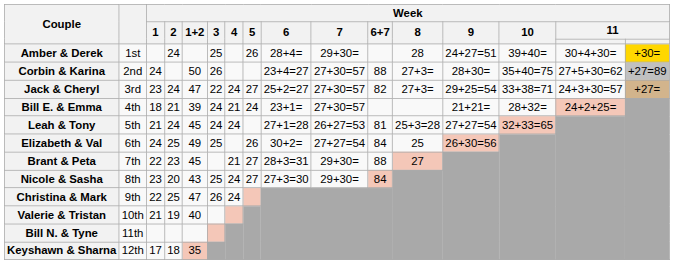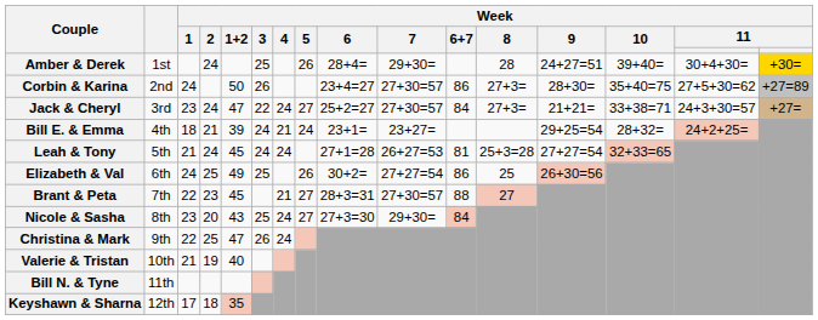 <table class="wikitable sortable" style="text-align:center; font-size:90%">
 <tr>
 <th scope="col" rowspan="3" style="text-align:center; line-height:15px;">Couple</th>
 <th scope="col" rowspan="3" style="text-align:center; line-height:15px;"></th>
 <th colspan="14" style="text-align:center; line-height:15px;">Week</th>
 </tr>
 <tr>
 <th scope="col" rowspan=2 style="line-height:15px;">1</th>
 <th scope="col" rowspan=2 style="line-height:15px;">2</th>
 <th scope="col" rowspan=2 style="line-height:15px;">1+2</th>
 <th scope="col" rowspan=2 style="line-height:15px;">3</th>
 <th scope="col" rowspan=2 style="line-height:15px;">4</th>
 <th scope="col" rowspan=2 style="line-height:15px;">5</th>
 <th scope="col" rowspan=2 style="line-height:15px;">6</th>
 <th scope="col" rowspan=2 style="line-height:15px;">7</th>
 <th scope="col" rowspan=2 style="line-height:15px;">6+7</th>
 <th scope="col" rowspan=2 style="line-height:15px;">8</th>
 <th scope="col" rowspan=2 style="line-height:15px;">9</th>
 <th scope="col" rowspan=2 style="line-height:15px;">10</th>
 <th scope="col" colspan=2 style="line-height:15px;">11</th>
 </tr>
 <tr>
 <th style="line-height:15px;"></th>
 <th style="line-height:15px;"></th>
 </tr>
 <tr>
 <th scope="row">Amber & Derek</th>
 <td>1st</td>
 <td></td>
 <td>24</td>
 <td></td>
 <td>25</td>
 <td></td>
 <td>26</td>
 <td>28+4=</td>
 <td>29+30=</td>
 <td></td>
 <td>28</td>
 <td>24+27=51</td>
 <td>39+40=</td>
 <td>30+4+30=</td>
 <td bgcolor=gold >+30=</td>
 </tr>
 <tr>
 <th scope="row">Corbin & Karina</th>
 <td>2nd</td>
 <td>24</td>
 <td></td>
 <td>50</td>
 <td>26</td>
 <td></td>
 <td></td>
 <td>23+4=27</td>
 <td>27+30=57</td>
-<td>88</td>
+<td>86</td>
 <td>27+3=</td>
 <td>28+30=</td>
 <td>35+40=75</td>
 <td>27+5+30=62</td>
 <td bgcolor=silver >+27=89</td>
 </tr>
 <tr>
 <th scope="row">Jack & Cheryl</th>
 <td>3rd</td>
 <td>23</td>
 <td>24</td>
 <td>47</td>
 <td>22</td>
 <td>24</td>
 <td>27</td>
 <td>25+2=27</td>
 <td>27+30=57</td>
-<td>82</td>
+<td>84</td>
 <td>27+3=</td>
-<td>29+25=54</td>
+<td>21+21=</td>
 <td>33+38=71</td>
 <td>24+3+30=57</td>
 <td bgcolor=tan >+27=</td>
 </tr>
 <tr>
 <th scope="row">Bill E. & Emma</th>
 <td>4th</td>
 <td>18</td>
 <td>21</td>
 <td>39</td>
 <td>24</td>
 <td>21</td>
 <td>24</td>
 <td>23+1=</td>
-<td>27+30=57</td>
+<td>23+27=</td>
 <td></td>
 <td></td>
-<td>21+21=</td>
+<td>29+25=54</td>
 <td>28+32=</td>
 <td bgcolor=f4c7b8 >24+2+25=</td>
 <td rowspan="9" style="background:darkgrey;"></td>
 </tr>
 <tr>
 <th scope="row">Leah & Tony</th>
 <td>5th</td>
 <td>21</td>
 <td>24</td>
 <td>45</td>
 <td>24</td>
 <td>24</td>
 <td></td>
 <td>27+1=28</td>
 <td>26+27=53</td>
 <td>81</td>
 <td>25+3=28</td>
 <td>27+27=54</td>
 <td bgcolor=f4c7b8 >32+33=65</td>
 <td rowspan="8" style="background:darkgrey;"></td>
 </tr>
 <tr>
 <th scope="row">Elizabeth & Val</th>
 <td>6th</td>
 <td>24</td>
 <td>25</td>
 <td>49</td>
 <td>25</td>
 <td></td>
 <td>26</td>
 <td>30+2=</td>
 <td>27+27=54</td>
-<td>84</td>
+<td>86</td>
 <td>25</td>
 <td bgcolor=f4c7b8 >26+30=56</td>
 <td rowspan="7" style="background:darkgrey;"></td>
 </tr>
 <tr>
 <th scope="row">Brant & Peta</th>
 <td>7th</td>
 <td>22</td>
 <td>23</td>
 <td>45</td>
 <td></td>
 <td>21</td>
 <td>27</td>
 <td>28+3=31</td>
-<td>29+30=</td>
+<td>27+30=57</td>
 <td>88</td>
 <td bgcolor=f4c7b8>27</td>
 <td rowspan="6" style="background:darkgrey;"></td>
 </tr>
 <tr>
 <th scope="row">Nicole & Sasha</th>
 <td>8th</td>
 <td>23</td>
 <td>20</td>
 <td>43</td>
 <td>25</td>
 <td>24</td>
 <td>27</td>
 <td>27+3=30</td>
 <td>29+30=</td>
 <td bgcolor=f4c7b8>84</td>
 <td rowspan="5" style="background:darkgrey;"></td>
 </tr>
 <tr>
 <th scope="row">Christina & Mark</th>
 <td>9th</td>
 <td>22</td>
 <td>25</td>
 <td>47</td>
 <td>26</td>
 <td>24</td>
 <td bgcolor=f4c7b8></td>
 <td colspan="3" rowspan="4" style="background:darkgrey;"></td>
 </tr>
 <tr>
 <th scope="row">Valerie & Tristan</th>
 <td>10th</td>
 <td>21</td>
 <td>19</td>
 <td>40</td>
 <td></td>
 <td bgcolor=f4c7b8></td>
 <td rowspan="3" style="background:darkgrey;"></td>
 </tr>
 <tr>
 <th scope="row">Bill N. & Tyne</th>
 <td>11th</td>
 <td></td>
 <td></td>
 <td></td>
 <td bgcolor=f4c7b8></td>
 <td rowspan="2" style="background:darkgrey;"></td>
 </tr>
 <tr>
 <th scope="row">Keyshawn & Sharna</th>
 <td>12th</td>
 <td>17</td>
 <td>18</td>
 <td bgcolor=f4c7b8>35</td>
 <td style="background:darkgrey;"></td>
 </tr>
 </table>
